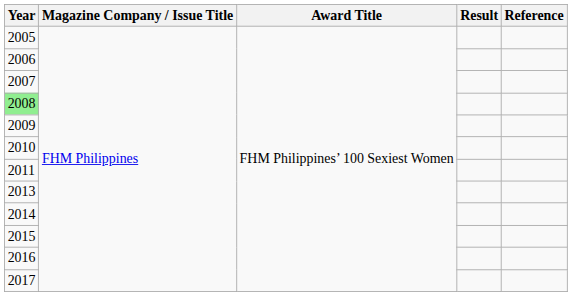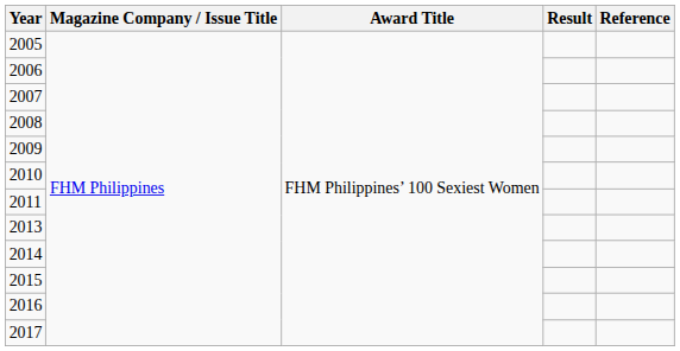 <table class="wikitable">
 <tr>
 <th>Year</th>
 <th>Magazine Company / Issue Title</th>
 <th>Award Title</th>
 <th>Result</th>
 <th>Reference</th>
 </tr>
 <tr>
 <td rowspan=1>2005</td>
 <td Rowspan="12"><a href='#'>FHM Philippines</a></td>
 <td Rowspan="12">FHM Philippines’ 100 Sexiest Women</td>
 <td></td>
 <td></td>
 </tr>
 <tr>
 <td rowspan=1>2006</td>
 <td></td>
 <td></td>
 </tr>
 <tr>
 <td rowspan=1>2007</td>
 <td></td>
 <td></td>
 </tr>
 <tr>
-<td rowspan=1 style="background: lightgreen;">2008</td>
+<td rowspan=1>2008</td>
 <td></td>
 <td></td>
 </tr>
 <tr>
 <td rowspan=1>2009</td>
 <td></td>
 <td></td>
 </tr>
 <tr>
 <td rowspan=1>2010</td>
 <td></td>
 <td></td>
 </tr>
 <tr>
 <td rowspan=1>2011</td>
 <td></td>
 <td></td>
 </tr>
 <tr>
 <td rowspan=1>2013</td>
 <td></td>
 <td></td>
 </tr>
 <tr>
 <td rowspan=1>2014</td>
 <td></td>
 <td></td>
 </tr>
 <tr>
 <td rowspan=1>2015</td>
 <td></td>
 <td></td>
 </tr>
 <tr>
 <td rowspan=1>2016</td>
 <td></td>
 <td></td>
 </tr>
 <tr>
 <td rowspan=1>2017</td>
 <td></td>
 <td></td>
 </tr>
 </table>
